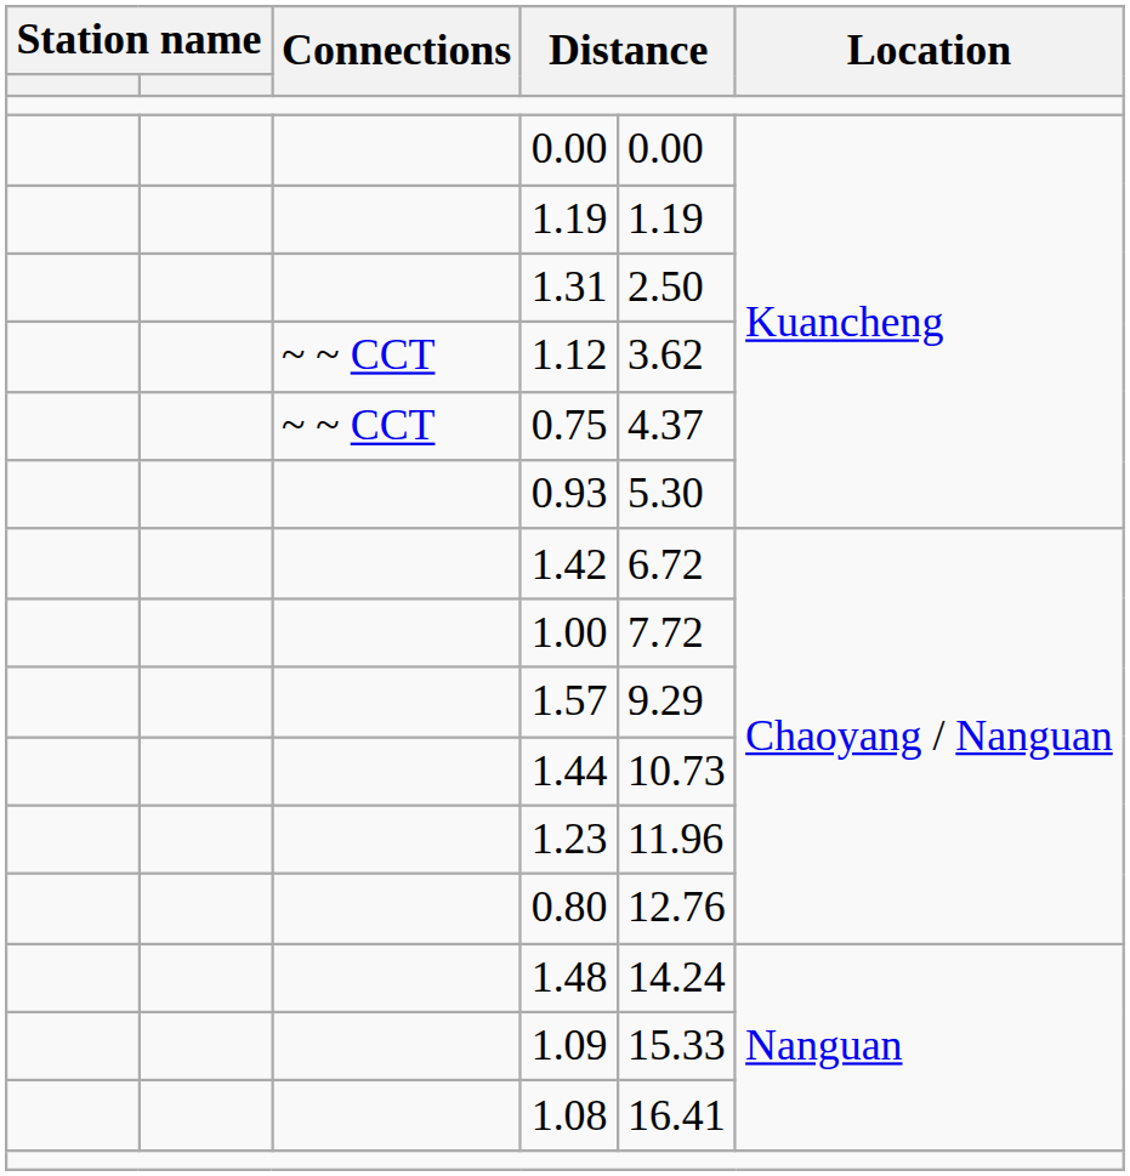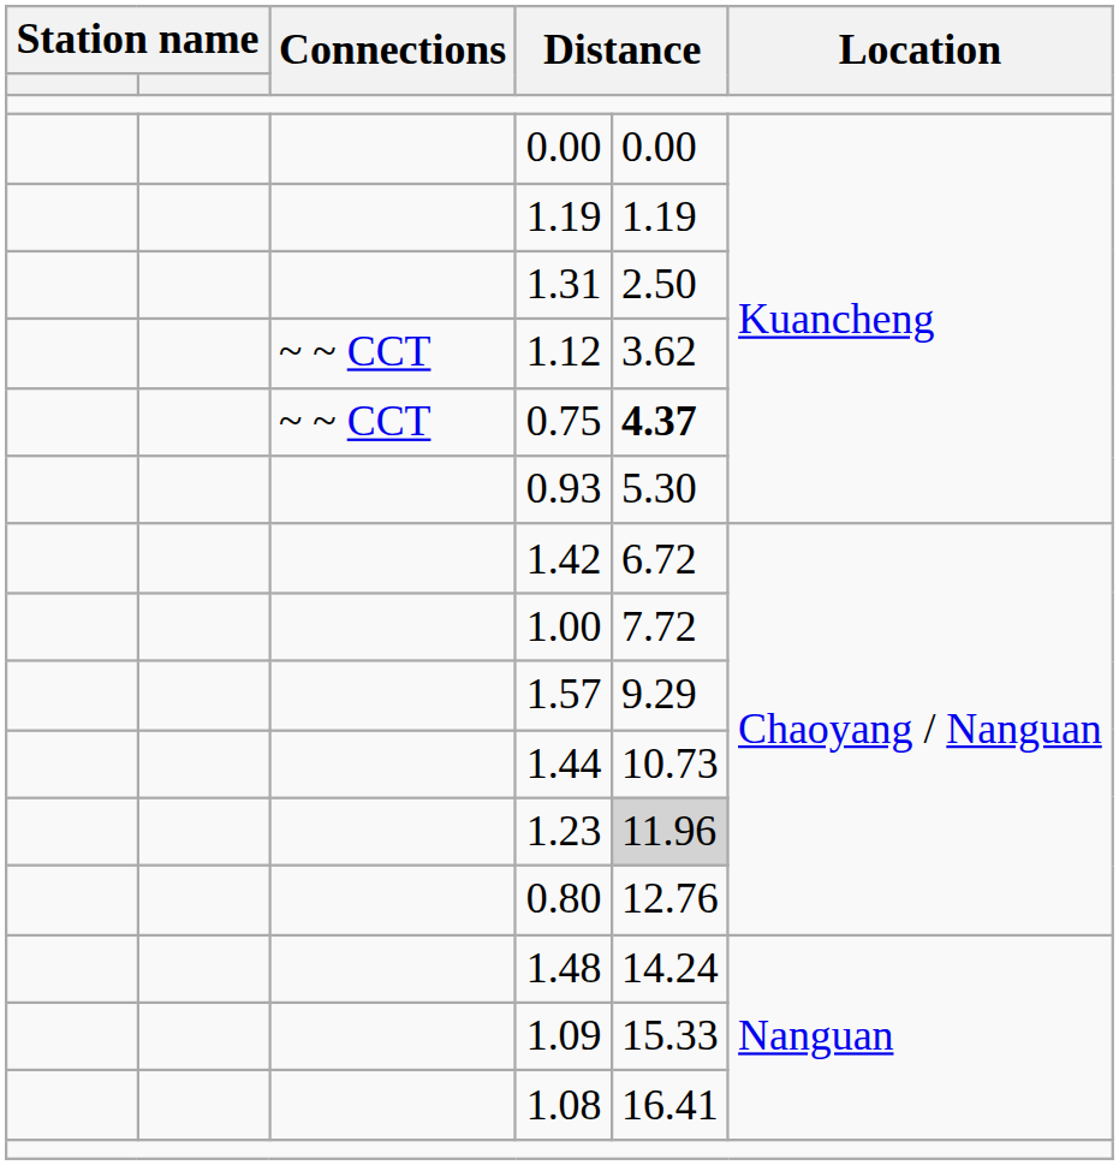 <table class="wikitable">
 <tr>
 <th colspan="2">Station name</th>
 <th rowspan="2">Connections</th>
 <th colspan="2" rowspan="2">Distance<br></th>
 <th rowspan="2">Location</th>
 </tr>
 <tr>
 <th></th>
 <th></th>
 </tr>
 <tr style="background:#">
 <td colspan = "8"></td>
 </tr>
 <tr>
 <td></td>
 <td></td>
 <td></td>
 <td>0.00</td>
 <td>0.00</td>
 <td rowspan="6"><a href='#'>Kuancheng</a></td>
 </tr>
 <tr>
 <td></td>
 <td></td>
 <td></td>
 <td>1.19</td>
 <td>1.19</td>
 </tr>
 <tr>
 <td></td>
 <td></td>
 <td></td>
 <td>1.31</td>
 <td>2.50</td>
 </tr>
 <tr>
 <td></td>
 <td></td>
 <td>~ ~  <a href='#'>CCT</a><br></td>
 <td>1.12</td>
 <td>3.62</td>
 </tr>
 <tr>
 <td></td>
 <td></td>
 <td>~ ~  <a href='#'>CCT</a><br></td>
 <td>0.75</td>
-<td>4.37</td>
+<td><strong>4.37</strong></td>
 </tr>
 <tr>
 <td></td>
 <td></td>
 <td></td>
 <td>0.93</td>
 <td>5.30</td>
 </tr>
 <tr>
 <td></td>
 <td></td>
 <td></td>
 <td>1.42</td>
 <td>6.72</td>
 <td rowspan="6"><a href='#'>Chaoyang</a> / <a href='#'>Nanguan</a></td>
 </tr>
 <tr>
 <td></td>
 <td></td>
 <td></td>
 <td>1.00</td>
 <td>7.72</td>
 </tr>
 <tr>
 <td></td>
 <td></td>
 <td></td>
 <td>1.57</td>
 <td>9.29</td>
 </tr>
 <tr>
 <td></td>
 <td></td>
 <td></td>
 <td>1.44</td>
 <td>10.73</td>
 </tr>
 <tr>
 <td></td>
 <td></td>
 <td></td>
 <td>1.23</td>
-<td>11.96</td>
+<td style="background: lightgrey;">11.96</td>
 </tr>
 <tr>
 <td></td>
 <td></td>
 <td></td>
 <td>0.80</td>
 <td>12.76</td>
 </tr>
 <tr>
 <td></td>
 <td></td>
 <td></td>
 <td>1.48</td>
 <td>14.24</td>
 <td rowspan="3"><a href='#'>Nanguan</a></td>
 </tr>
 <tr>
 <td></td>
 <td></td>
 <td></td>
 <td>1.09</td>
 <td>15.33</td>
 </tr>
 <tr>
 <td></td>
 <td></td>
 <td></td>
 <td>1.08</td>
 <td>16.41</td>
 </tr>
 <tr style="background:#">
 <td colspan = "8"></td>
 </tr>
 </table>
